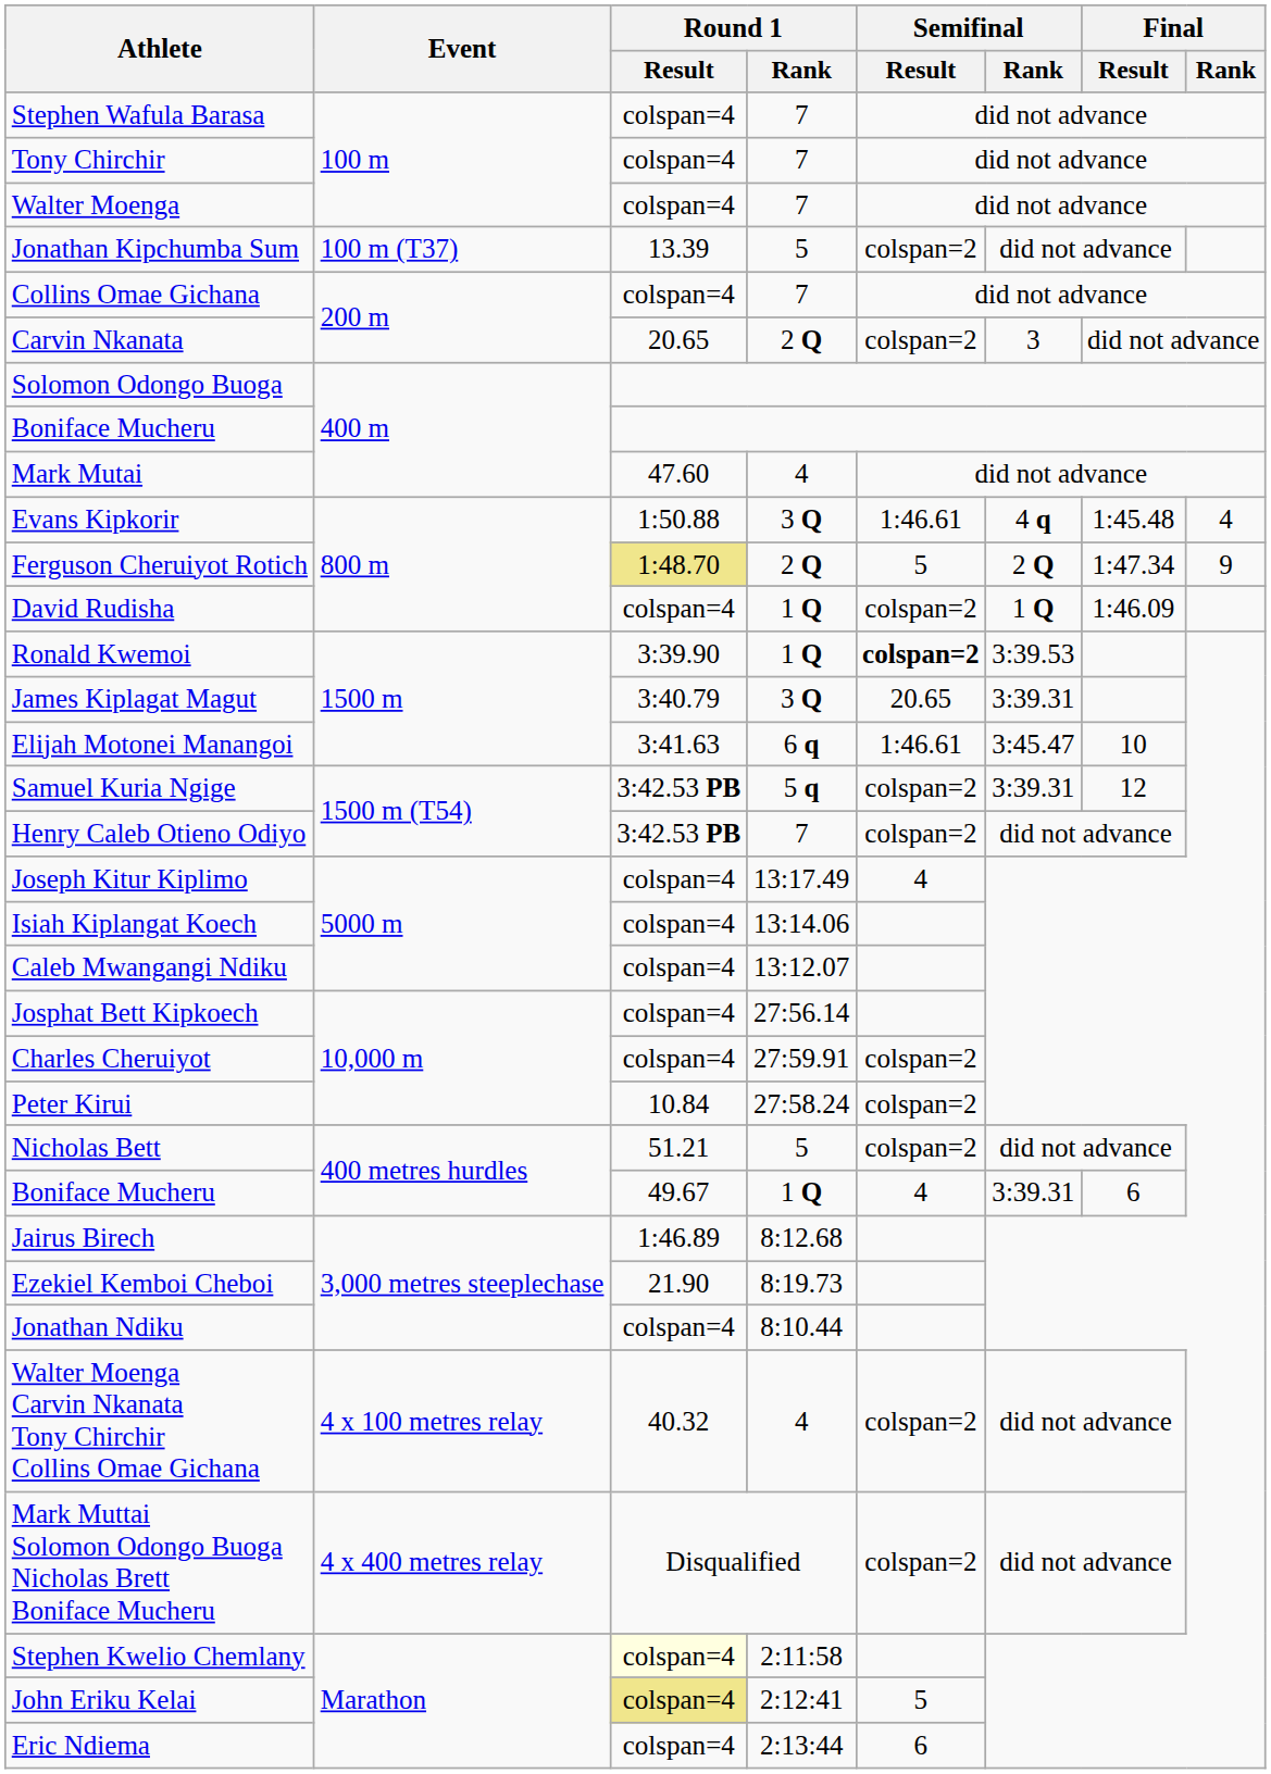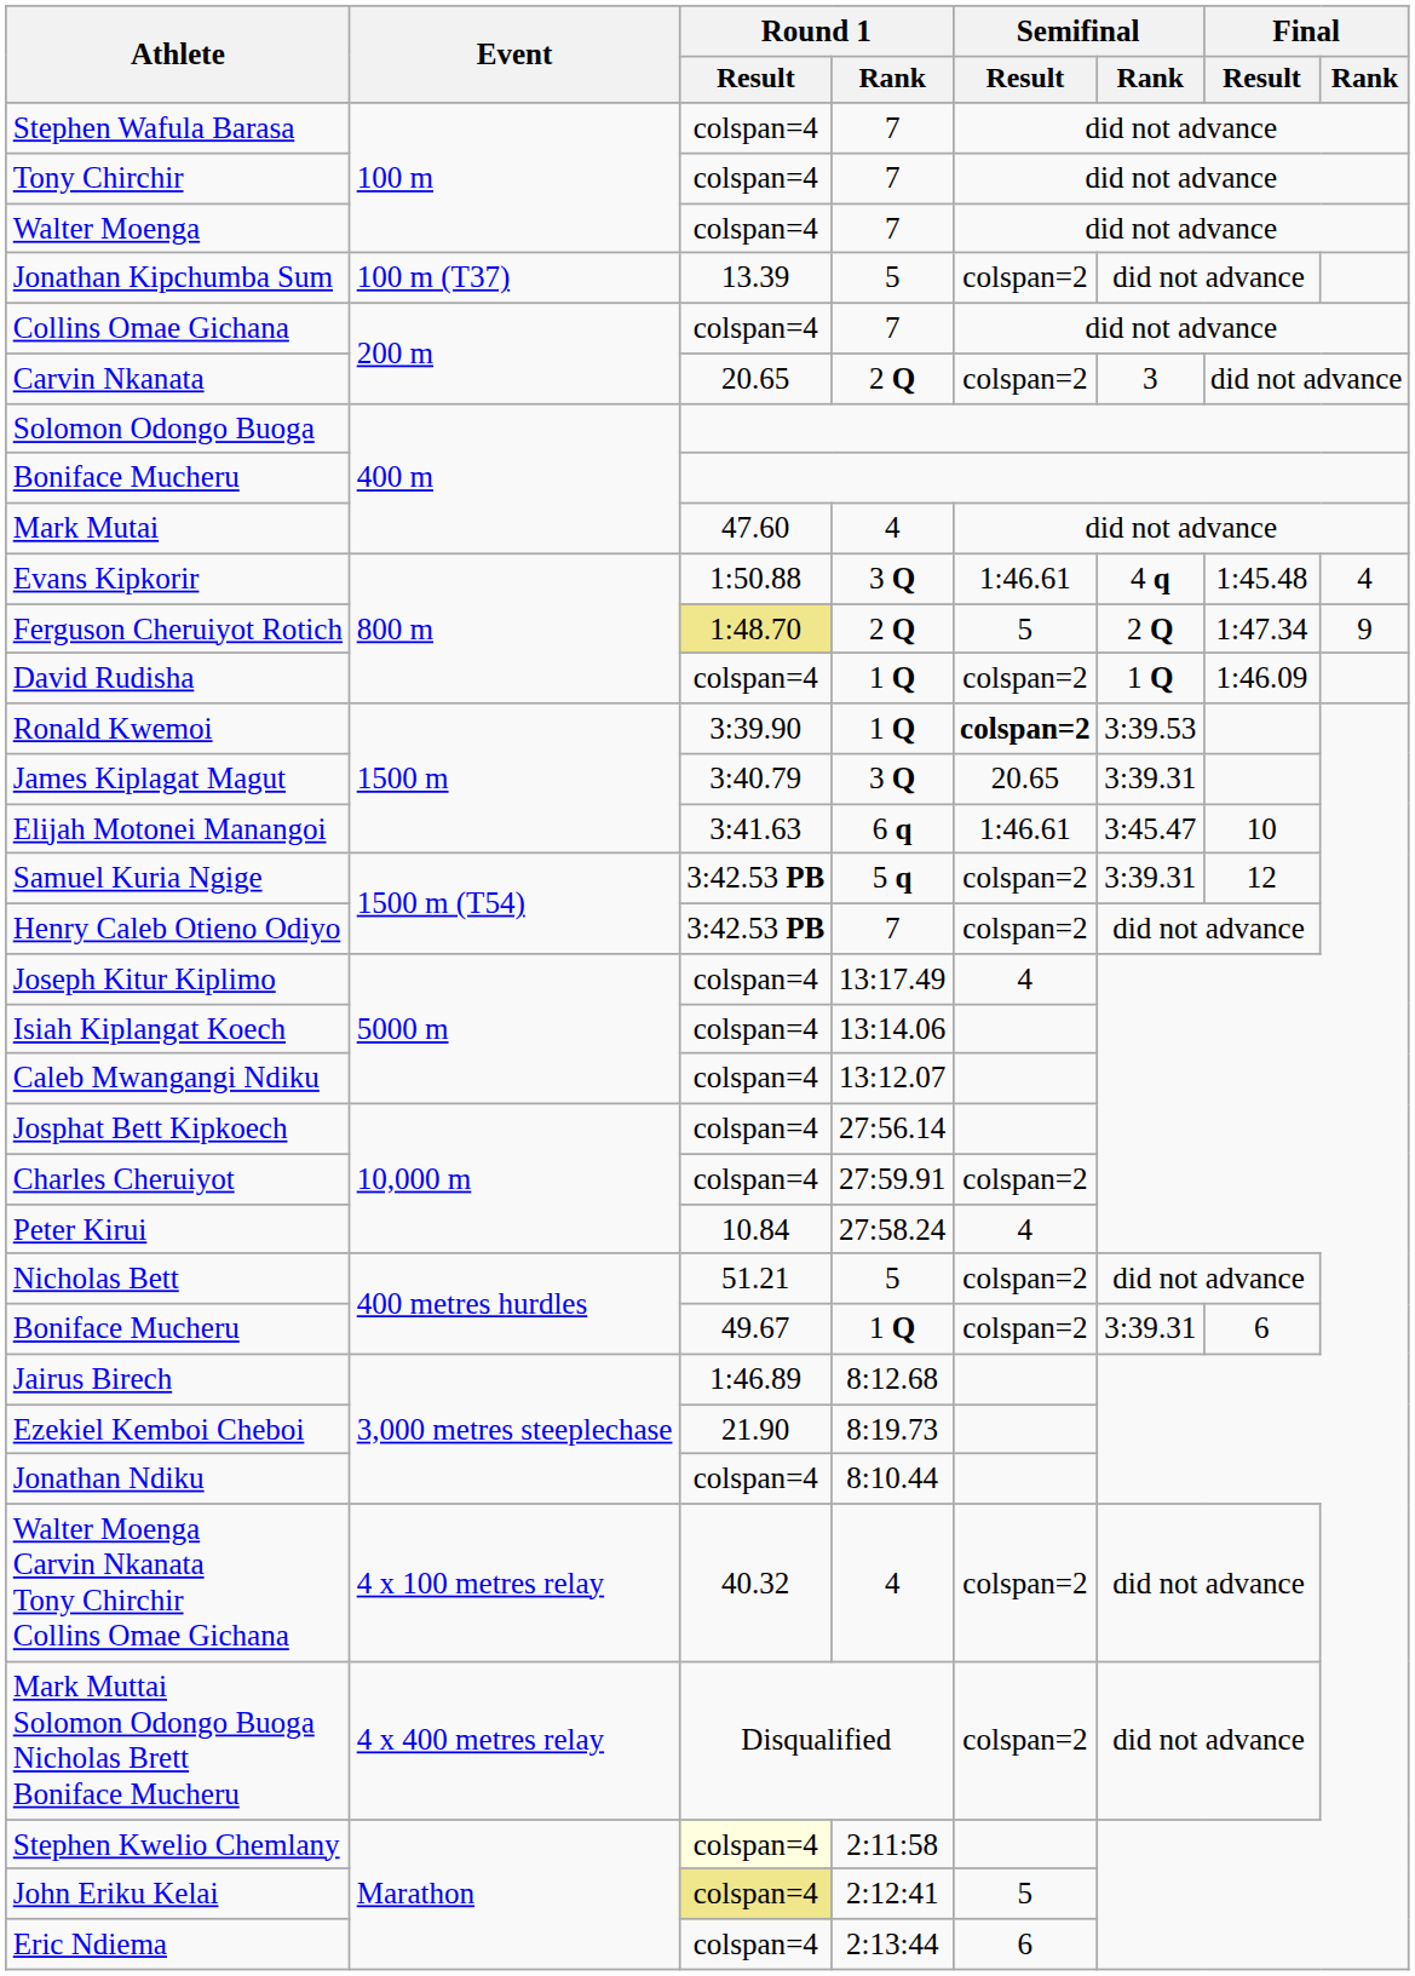 <table class=wikitable style="font-size:90%">
 <tr>
 <th rowspan="2">Athlete</th>
 <th rowspan="2">Event</th>
 <th colspan="2">Round 1</th>
 <th colspan="2">Semifinal</th>
 <th colspan="2">Final</th>
 </tr>
 <tr style="font-size:95%">
 <th>Result</th>
 <th>Rank</th>
 <th>Result</th>
 <th>Rank</th>
 <th>Result</th>
 <th>Rank</th>
 </tr>
 <tr align=center>
 <td align=left><a href='#'>Stephen Wafula Barasa</a></td>
 <td align=left rowspan="3"><a href='#'>100 m</a></td>
 <td>colspan=4 </td>
 <td>7</td>
 <td colspan="4">did not advance</td>
 </tr>
 <tr align=center>
 <td align=left><a href='#'>Tony Chirchir</a></td>
 <td>colspan=4 </td>
 <td>7</td>
 <td colspan="4">did not advance</td>
 </tr>
 <tr align=center>
 <td align=left><a href='#'>Walter Moenga</a></td>
 <td>colspan=4 </td>
 <td>7</td>
 <td colspan="4">did not advance</td>
 </tr>
 <tr align=center>
 <td align=left><a href='#'>Jonathan Kipchumba Sum</a></td>
 <td align=left><a href='#'>100 m (T37)</a></td>
 <td>13.39</td>
 <td>5</td>
 <td>colspan=2 </td>
 <td colspan="2">did not advance</td>
 </tr>
 <tr align=center>
 <td align=left><a href='#'>Collins Omae Gichana</a></td>
 <td align=left rowspan="2"><a href='#'>200 m</a></td>
 <td>colspan=4 </td>
 <td>7</td>
 <td colspan="4">did not advance</td>
 </tr>
 <tr align=center>
 <td align=left><a href='#'>Carvin Nkanata</a></td>
 <td>20.65</td>
 <td>2 <strong>Q</strong></td>
 <td>colspan=2 </td>
 <td>3</td>
 <td colspan="2">did not advance</td>
 </tr>
 <tr align=center>
 <td align=left><a href='#'>Solomon Odongo Buoga</a></td>
 <td align=left rowspan="3"><a href='#'>400 m</a></td>
 <td colspan="6"></td>
 </tr>
 <tr align=center>
 <td align=left><a href='#'>Boniface Mucheru</a></td>
 <td colspan="6"></td>
 </tr>
 <tr align=center>
 <td align=left><a href='#'>Mark Mutai</a></td>
 <td>47.60</td>
 <td>4</td>
 <td colspan="4">did not advance</td>
 </tr>
 <tr align=center>
 <td align=left><a href='#'>Evans Kipkorir</a></td>
 <td align=left rowspan=3><a href='#'>800 m</a></td>
 <td>1:50.88</td>
 <td>3 <strong>Q</strong></td>
 <td>1:46.61</td>
 <td>4 <strong>q</strong></td>
 <td>1:45.48</td>
 <td>4</td>
 </tr>
 <tr align=center>
 <td align=left><a href='#'>Ferguson Cheruiyot Rotich</a></td>
 <td style="background: khaki;">1:48.70</td>
 <td>2 <strong>Q</strong></td>
 <td>5</td>
 <td>2 <strong>Q</strong></td>
 <td>1:47.34</td>
 <td>9</td>
 </tr>
 <tr align=center>
 <td align=left><a href='#'>David Rudisha</a></td>
 <td>colspan=4 </td>
 <td>1 <strong>Q</strong></td>
 <td>colspan=2 </td>
 <td>1 <strong>Q</strong></td>
 <td>1:46.09</td>
 <td></td>
 </tr>
 <tr align=center>
 <td align=left><a href='#'>Ronald Kwemoi</a></td>
 <td align=left rowspan=3><a href='#'>1500 m</a></td>
 <td>3:39.90</td>
 <td>1 <strong>Q</strong></td>
 <td><strong>colspan=2 </strong></td>
 <td>3:39.53</td>
 <td></td>
 </tr>
 <tr align=center>
 <td align=left><a href='#'>James Kiplagat Magut</a></td>
 <td>3:40.79</td>
 <td>3 <strong>Q</strong></td>
 <td>20.65</td>
 <td>3:39.31</td>
 <td></td>
 </tr>
 <tr align=center>
 <td align=left><a href='#'>Elijah Motonei Manangoi</a></td>
 <td>3:41.63</td>
 <td>6 <strong>q</strong></td>
 <td>1:46.61</td>
 <td>3:45.47</td>
 <td>10</td>
 </tr>
 <tr align=center>
 <td align=left><a href='#'>Samuel Kuria Ngige</a></td>
 <td align=left rowspan=2><a href='#'>1500 m (T54)</a></td>
 <td>3:42.53 <strong>PB</strong></td>
 <td>5 <strong>q</strong></td>
 <td>colspan=2 </td>
 <td>3:39.31</td>
 <td>12</td>
 </tr>
 <tr align=center>
 <td align=left><a href='#'>Henry Caleb Otieno Odiyo</a></td>
 <td>3:42.53 <strong>PB</strong></td>
 <td>7</td>
 <td>colspan=2 </td>
 <td colspan=2>did not advance</td>
 </tr>
 <tr align=center>
 <td align=left><a href='#'>Joseph Kitur Kiplimo</a></td>
 <td align=left rowspan=3><a href='#'>5000 m</a></td>
 <td>colspan=4 </td>
 <td>13:17.49</td>
 <td>4</td>
 </tr>
 <tr align=center>
 <td align=left><a href='#'>Isiah Kiplangat Koech</a></td>
 <td>colspan=4 </td>
 <td>13:14.06</td>
 <td></td>
 </tr>
 <tr align=center>
 <td align=left><a href='#'>Caleb Mwangangi Ndiku</a></td>
 <td>colspan=4 </td>
 <td>13:12.07</td>
 <td></td>
 </tr>
 <tr align=center>
 <td align=left><a href='#'>Josphat Bett Kipkoech</a></td>
 <td align=left rowspan=3><a href='#'>10,000 m</a></td>
 <td>colspan=4 </td>
 <td>27:56.14</td>
 <td></td>
 </tr>
 <tr align=center>
 <td align=left><a href='#'>Charles Cheruiyot</a></td>
 <td>colspan=4 </td>
 <td>27:59.91</td>
 <td>colspan=2 </td>
 </tr>
 <tr align=center>
 <td align=left><a href='#'>Peter Kirui</a></td>
 <td>10.84</td>
 <td>27:58.24</td>
-<td>colspan=2 </td>
+<td>4</td>
 </tr>
 <tr align=center>
 <td align=left><a href='#'>Nicholas Bett</a></td>
 <td align=left rowspan="2"><a href='#'>400 metres hurdles</a></td>
 <td>51.21</td>
 <td>5</td>
 <td>colspan=2 </td>
 <td colspan="2">did not advance</td>
 </tr>
 <tr align=center>
 <td align=left><a href='#'>Boniface Mucheru</a></td>
 <td>49.67</td>
 <td>1 <strong>Q</strong></td>
-<td>4</td>
+<td>colspan=2 </td>
 <td>3:39.31</td>
 <td>6</td>
 </tr>
 <tr align=center>
 <td align=left><a href='#'>Jairus Birech</a></td>
 <td align=left rowspan="3"><a href='#'>3,000 metres steeplechase</a></td>
 <td>1:46.89</td>
 <td>8:12.68</td>
 <td></td>
 </tr>
 <tr align=center>
 <td align=left><a href='#'>Ezekiel Kemboi Cheboi</a></td>
 <td>21.90</td>
 <td>8:19.73</td>
 <td></td>
 </tr>
 <tr align=center>
 <td align=left><a href='#'>Jonathan Ndiku</a></td>
 <td>colspan=4 </td>
 <td>8:10.44</td>
 <td></td>
 </tr>
 <tr align=center>
 <td align=left><a href='#'>Walter Moenga</a><br><a href='#'>Carvin Nkanata</a><br><a href='#'>Tony Chirchir</a><br><a href='#'>Collins Omae Gichana</a></td>
 <td align=left><a href='#'>4 x 100 metres relay</a></td>
 <td>40.32</td>
 <td>4</td>
 <td>colspan=2 </td>
 <td colspan=2>did not advance</td>
 </tr>
 <tr align=center>
 <td align=left><a href='#'>Mark Muttai</a><br><a href='#'>Solomon Odongo Buoga</a><br><a href='#'>Nicholas Brett</a><br><a href='#'>Boniface Mucheru</a></td>
 <td align=left><a href='#'>4 x 400 metres relay</a></td>
 <td colspan=2>Disqualified</td>
 <td>colspan=2 </td>
 <td colspan=2>did not advance</td>
 </tr>
 <tr align=center>
 <td align=left><a href='#'>Stephen Kwelio Chemlany</a></td>
 <td align=left rowspan=3><a href='#'>Marathon</a></td>
 <td style="background: lightyellow;">colspan=4 </td>
 <td>2:11:58</td>
 <td></td>
 </tr>
 <tr align=center>
 <td align=left><a href='#'>John Eriku Kelai</a></td>
 <td style="background: khaki;">colspan=4 </td>
 <td>2:12:41</td>
 <td>5</td>
 </tr>
 <tr align=center>
 <td align=left><a href='#'>Eric Ndiema</a></td>
 <td>colspan=4 </td>
 <td>2:13:44</td>
 <td>6</td>
 </tr>
 </table>
